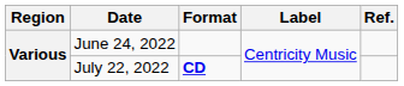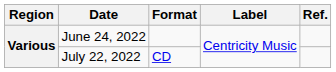 <table class="wikitable plainrowheaders">
 <tr>
 <th scope="col">Region</th>
 <th scope="col">Date</th>
 <th scope="col">Format</th>
 <th scope="col">Label</th>
 <th scope="col">Ref.</th>
 </tr>
 <tr>
 <th scope="row" rowspan="2">Various</th>
 <td>June 24, 2022</td>
 <td></td>
 <td rowspan="2"><a href='#'>Centricity Music</a></td>
 <td></td>
 </tr>
 <tr>
 <td>July 22, 2022</td>
-<td><strong><a href='#'>CD</a></strong></td>
+<td><a href='#'>CD</a></td>
 <td></td>
 </tr>
 </table>
